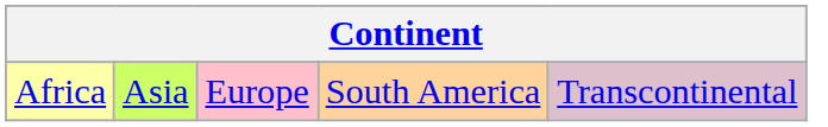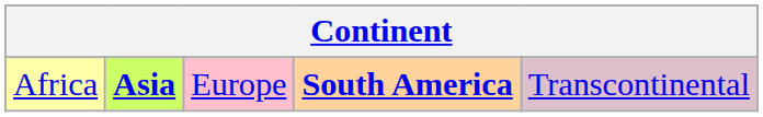 <table class="wikitable">
 <tr>
 <th colspan="6" align="center"><a href='#'>Continent</a></th>
 </tr>
 <tr>
 <td bgcolor="#FFFFAA"><a href='#'>Africa</a></td>
-<td bgcolor="#CCFF66"><a href='#'>Asia</a></td>
+<td bgcolor="#CCFF66"><strong><a href='#'>Asia</a></strong></td>
 <td bgcolor="#FFC0CB"><a href='#'>Europe</a></td>
-<td bgcolor="#FFD39B"><a href='#'>South America</a></td>
+<td bgcolor="#FFD39B"><strong><a href='#'>South America</a></strong></td>
 <td bgcolor="#DDC0CB"><a href='#'>Transcontinental</a></td>
 </tr>
 </table>
